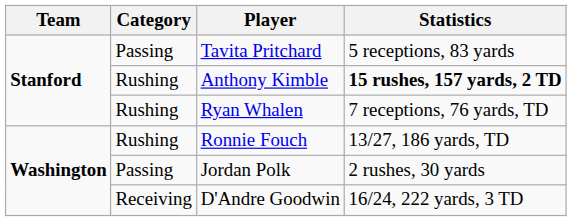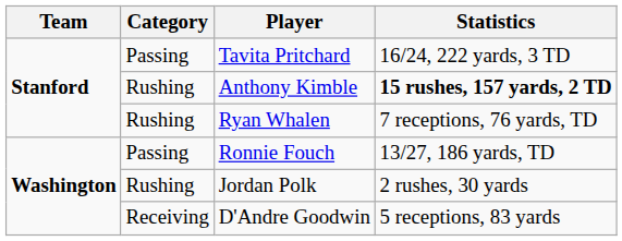 <table class="wikitable" style="float: right;">
 <tr>
 <th>Team</th>
 <th>Category</th>
 <th>Player</th>
 <th>Statistics</th>
 </tr>
 <tr>
 <td rowspan=3><strong>Stanford</strong></td>
 <td>Passing</td>
 <td><a href='#'>Tavita Pritchard</a></td>
-<td>5 receptions, 83 yards</td>
+<td>16/24, 222 yards, 3 TD</td>
 </tr>
 <tr>
 <td>Rushing</td>
 <td><a href='#'>Anthony Kimble</a></td>
 <td><strong>15 rushes, 157 yards, 2 TD</strong></td>
 </tr>
 <tr>
 <td>Rushing</td>
 <td><a href='#'>Ryan Whalen</a></td>
 <td>7 receptions, 76 yards, TD</td>
 </tr>
 <tr>
 <td rowspan=3><strong>Washington</strong></td>
-<td>Rushing</td>
+<td>Passing</td>
 <td><a href='#'>Ronnie Fouch</a></td>
 <td>13/27, 186 yards, TD</td>
 </tr>
 <tr>
-<td>Passing</td>
+<td>Rushing</td>
 <td>Jordan Polk</td>
 <td>2 rushes, 30 yards</td>
 </tr>
 <tr>
 <td>Receiving</td>
 <td>D'Andre Goodwin</td>
-<td>16/24, 222 yards, 3 TD</td>
+<td>5 receptions, 83 yards</td>
 </tr>
 </table>
